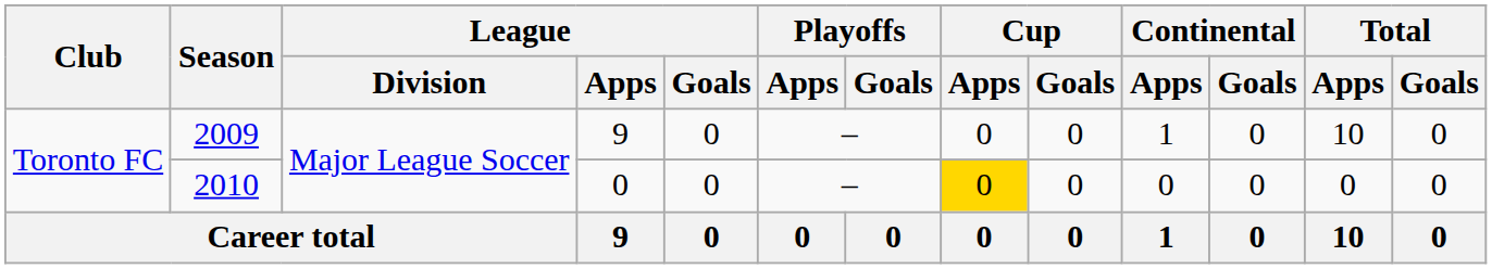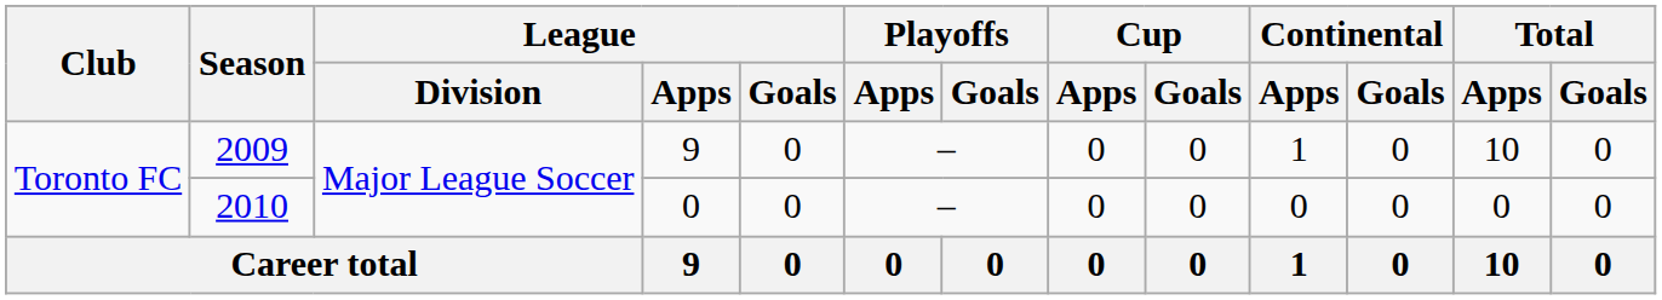 <table class="wikitable" style="text-align: center">
 <tr>
 <th rowspan="2">Club</th>
 <th rowspan="2">Season</th>
 <th colspan="3">League</th>
 <th colspan="2">Playoffs</th>
 <th colspan="2">Cup</th>
 <th colspan="2">Continental</th>
 <th colspan="2">Total</th>
 </tr>
 <tr>
 <th>Division</th>
 <th>Apps</th>
 <th>Goals</th>
 <th>Apps</th>
 <th>Goals</th>
 <th>Apps</th>
 <th>Goals</th>
 <th>Apps</th>
 <th>Goals</th>
 <th>Apps</th>
 <th>Goals</th>
 </tr>
 <tr>
 <td rowspan=2><a href='#'>Toronto FC</a></td>
 <td><a href='#'>2009</a></td>
 <td rowspan=2><a href='#'>Major League Soccer</a></td>
 <td>9</td>
 <td>0</td>
 <td colspan="2">–</td>
 <td>0</td>
 <td>0</td>
 <td>1</td>
 <td>0</td>
 <td>10</td>
 <td>0</td>
 </tr>
 <tr>
 <td><a href='#'>2010</a></td>
 <td>0</td>
 <td>0</td>
 <td colspan="2">–</td>
-<td style="background: gold;">0</td>
+<td>0</td>
 <td>0</td>
 <td>0</td>
 <td>0</td>
 <td>0</td>
 <td>0</td>
 </tr>
 <tr>
 <th colspan="3"><strong>Career total</strong></th>
 <th>9</th>
 <th>0</th>
 <th>0</th>
 <th>0</th>
 <th>0</th>
 <th>0</th>
 <th>1</th>
 <th>0</th>
 <th>10</th>
 <th>0</th>
 </tr>
 </table>
